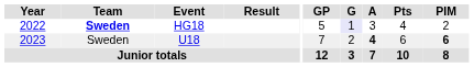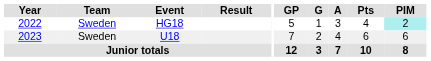 <table border="0" cellpadding="1" cellspacing="0" ID="Table3" style="text-align:center; width:40em">
 <tr ALIGN="center" bgcolor="#e0e0e0">
 <th>Year</th>
 <th>Team</th>
 <th>Event</th>
 <th>Result</th>
 <th rowspan="99" bgcolor="#ffffff"></th>
 <th>GP</th>
 <th>G</th>
 <th>A</th>
 <th>Pts</th>
 <th>PIM</th>
 </tr>
 <tr>
 <td><a href='#'>2022</a></td>
-<td><strong><a href='#'>Sweden</a></strong></td>
+<td><a href='#'>Sweden</a></td>
 <td><a href='#'>HG18</a></td>
 <td></td>
 <td>5</td>
-<td style="background: lavender;">1</td>
+<td>1</td>
 <td>3</td>
 <td>4</td>
-<td>2</td>
+<td style="background: paleturquoise;">2</td>
 </tr>
 <tr bgcolor="#f0f0f0">
 <td><a href='#'>2023</a></td>
 <td>Sweden</td>
 <td><a href='#'>U18</a></td>
 <td></td>
 <td>7</td>
 <td>2</td>
-<td><strong>4</strong></td>
+<td>4</td>
 <td>6</td>
-<td><strong>6</strong></td>
+<td>6</td>
 </tr>
 <tr ALIGN="center" bgcolor="#e0e0e0">
 <th colspan=4>Junior totals</th>
 <th>12</th>
 <th>3</th>
 <th>7</th>
 <th>10</th>
 <th>8</th>
 </tr>
 </table>
